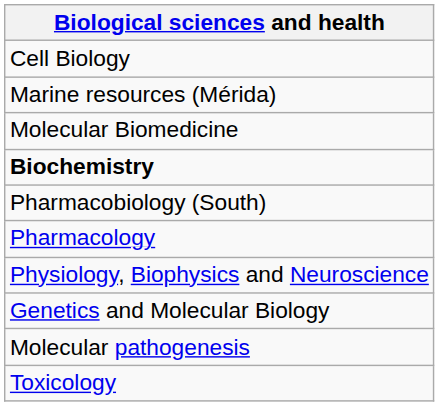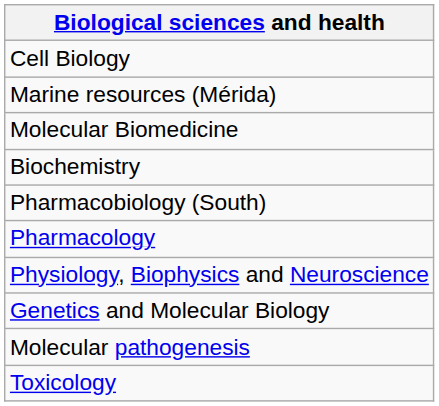 <table class="wikitable">
 <tr>
 <th><a href='#'>Biological sciences</a> and health</th>
 </tr>
 <tr>
 <td>Cell Biology</td>
 </tr>
 <tr>
 <td>Marine resources (Mérida)</td>
 </tr>
 <tr>
 <td>Molecular Biomedicine</td>
 </tr>
 <tr>
-<td><strong>Biochemistry</strong></td>
+<td>Biochemistry</td>
 </tr>
 <tr>
 <td>Pharmacobiology (South)</td>
 </tr>
 <tr>
 <td><a href='#'>Pharmacology</a></td>
 </tr>
 <tr>
 <td><a href='#'>Physiology</a>, <a href='#'>Biophysics</a> and <a href='#'>Neuroscience</a></td>
 </tr>
 <tr>
 <td><a href='#'>Genetics</a> and Molecular Biology</td>
 </tr>
 <tr>
 <td>Molecular <a href='#'>pathogenesis</a></td>
 </tr>
 <tr>
 <td><a href='#'>Toxicology</a></td>
 </tr>
 </table>
